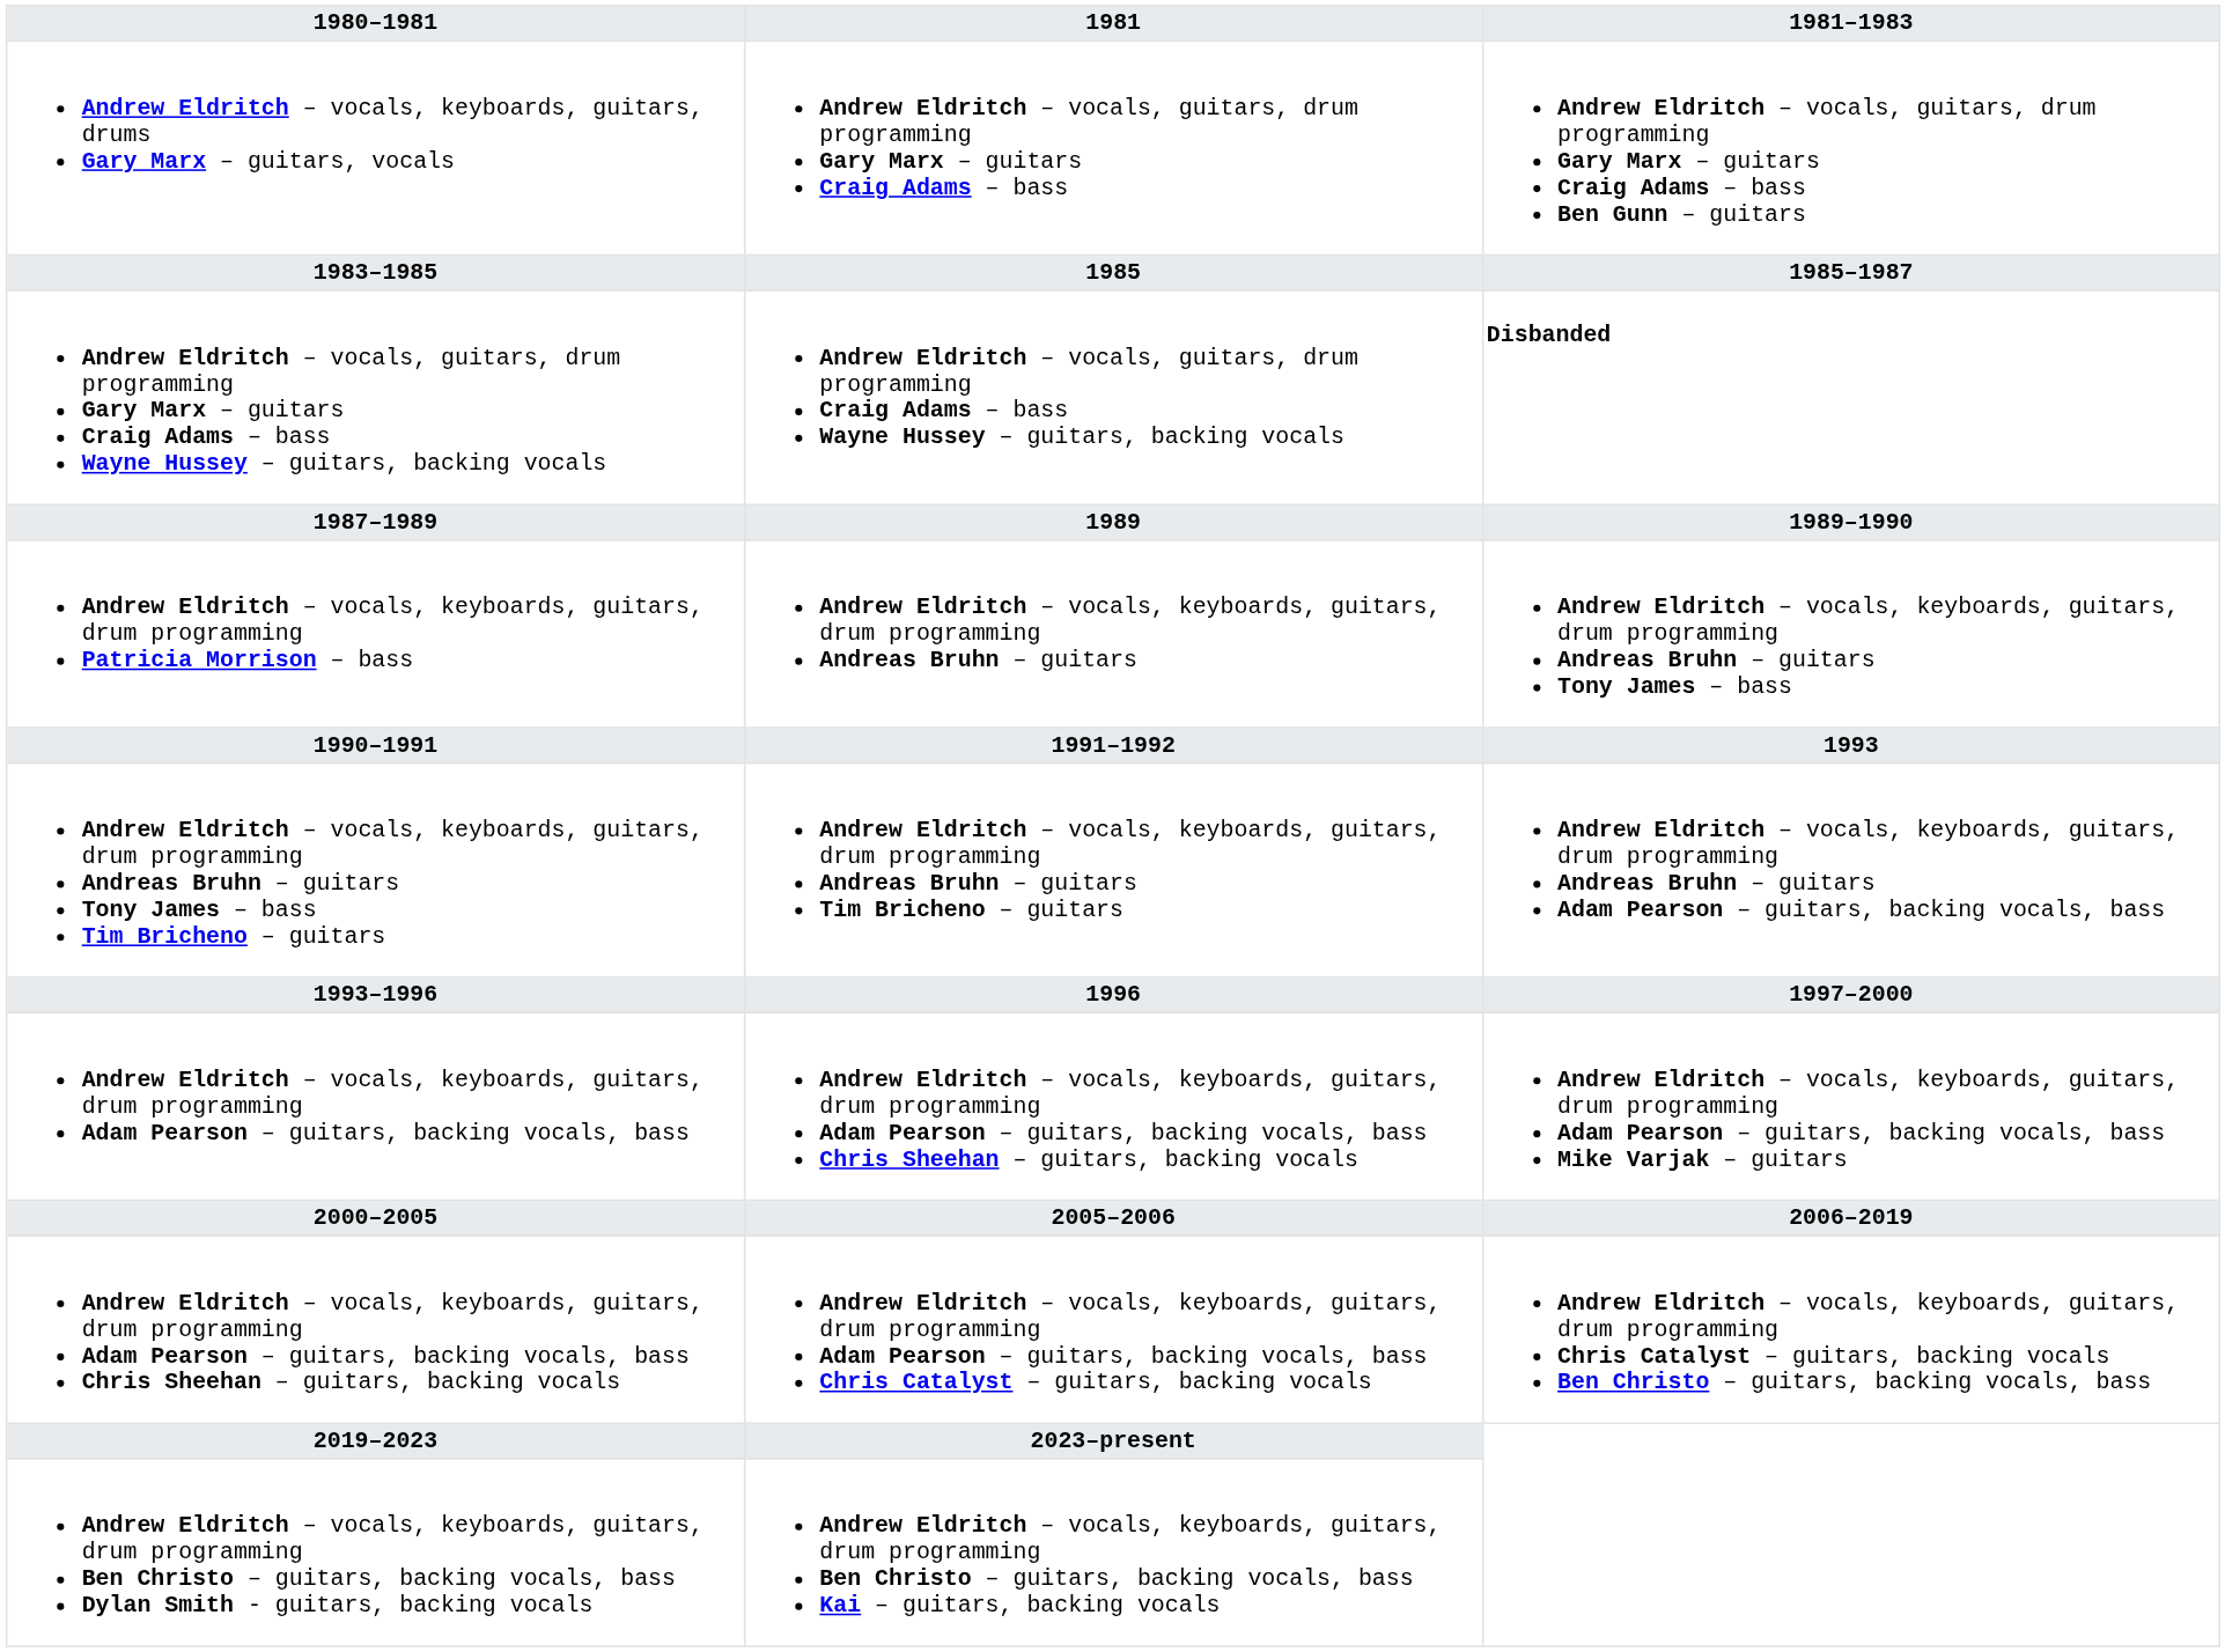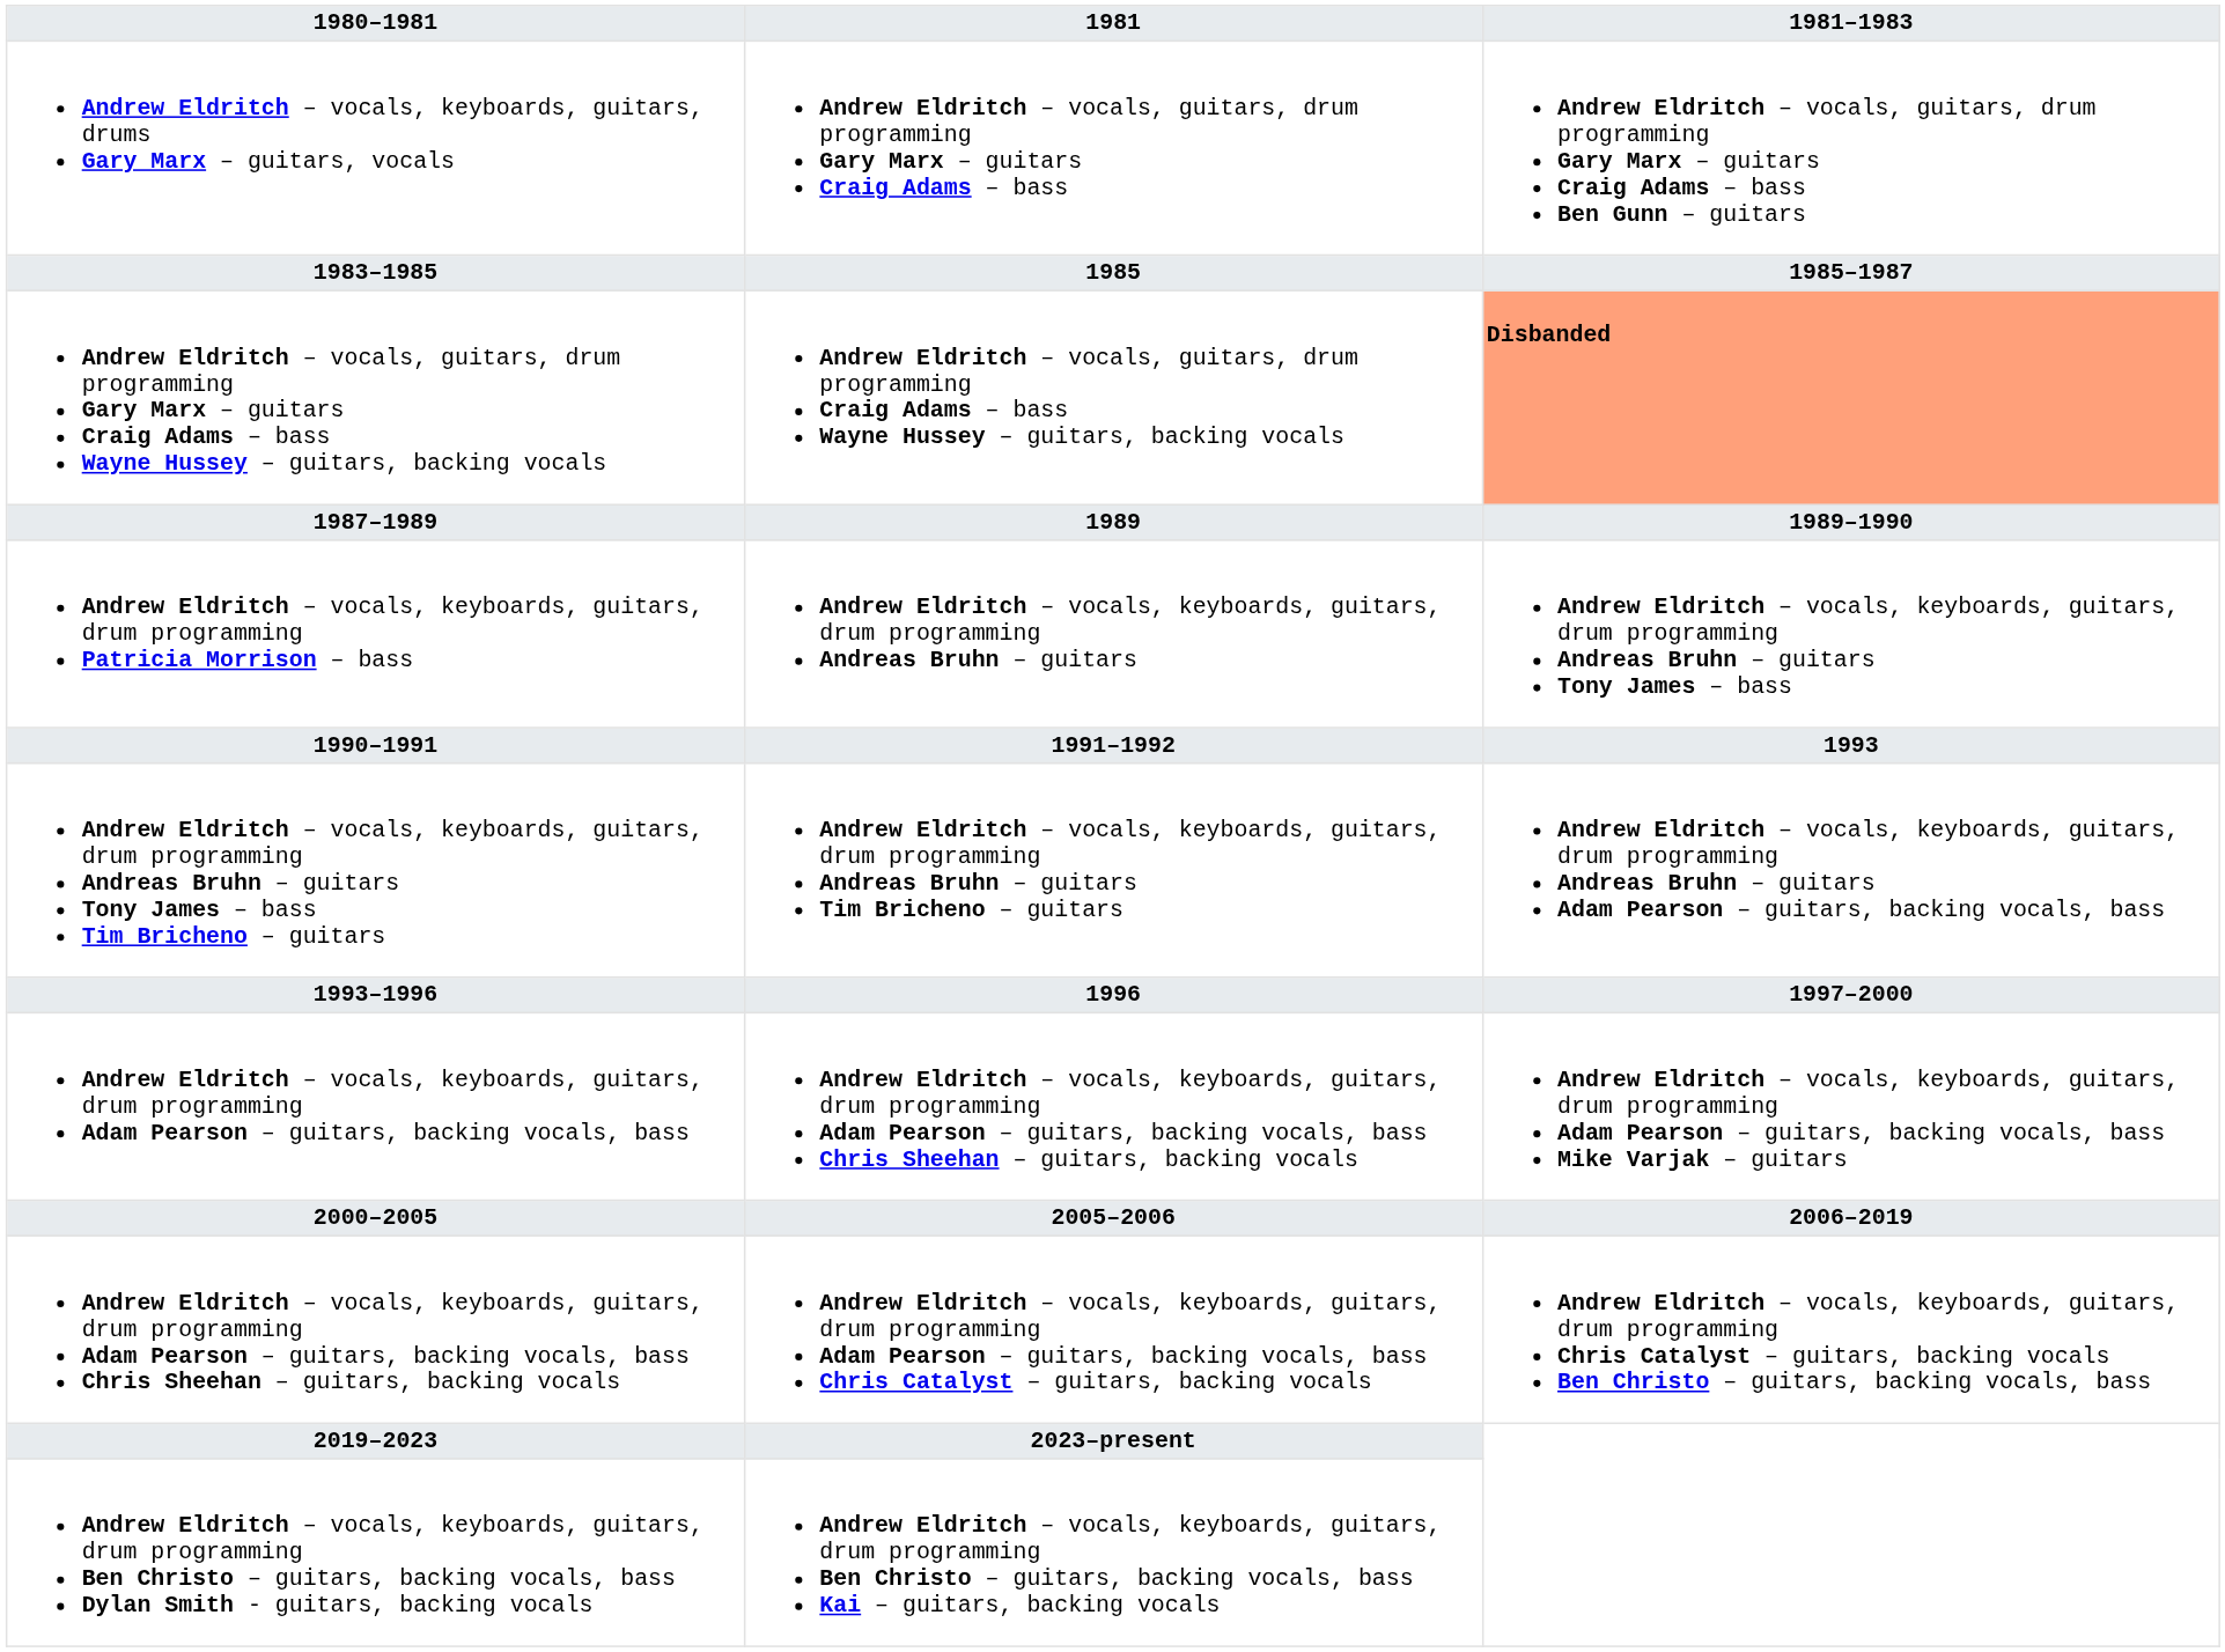 <table class="toccolours" border=1 cellpadding=2 cellspacing=0 style="float: width: 375px; margin: 0 0 1em 1em; border-collapse: collapse; border: 1px solid #E2E2E2;" width=99%>
 <tr>
 <th width="25%" valign="top" bgcolor="#e7ebee">1980–1981</th>
 <th width="25%" valign="top" bgcolor="#e7ebee">1981</th>
 <th width="25%" valign="top" bgcolor="#e7ebee">1981–1983</th>
 </tr>
 <tr>
 <td valign=top><br><ul><li><strong><a href='#'>Andrew Eldritch</a></strong> – vocals, keyboards, guitars, drums</li><li><strong><a href='#'>Gary Marx</a></strong> – guitars, vocals</li></ul></td>
 <td valign=top><br><ul><li><strong>Andrew Eldritch</strong> – vocals, guitars, drum programming</li><li><strong>Gary Marx</strong> – guitars</li><li><strong><a href='#'>Craig Adams</a></strong> – bass</li></ul></td>
 <td valign=top><br><ul><li><strong>Andrew Eldritch</strong> – vocals, guitars, drum programming</li><li><strong>Gary Marx</strong> – guitars</li><li><strong>Craig Adams</strong> – bass</li><li><strong>Ben Gunn</strong> – guitars</li></ul></td>
 </tr>
 <tr>
 <th width="25%" valign="top" bgcolor="#e7ebee">1983–1985</th>
 <th width="25%" valign="top" bgcolor="#e7ebee">1985</th>
 <th width="25%" valign="top" bgcolor="#e7ebee">1985–1987</th>
 </tr>
 <tr>
 <td valign=top><br><ul><li><strong>Andrew Eldritch</strong> – vocals, guitars, drum programming</li><li><strong>Gary Marx</strong> – guitars</li><li><strong>Craig Adams</strong> – bass</li><li><strong><a href='#'>Wayne Hussey</a></strong> – guitars, backing vocals</li></ul></td>
 <td valign=top><br><ul><li><strong>Andrew Eldritch</strong> – vocals, guitars, drum programming</li><li><strong>Craig Adams</strong> – bass</li><li><strong>Wayne Hussey</strong> – guitars, backing vocals</li></ul></td>
-<td valign=top><br><strong>Disbanded</strong></td>
+<td valign=top style="background: lightsalmon;"><br><strong>Disbanded</strong></td>
 </tr>
 <tr>
 <th width="25%" valign="top" bgcolor="#e7ebee">1987–1989</th>
 <th width="25%" valign="top" bgcolor="#e7ebee">1989</th>
 <th width="25%" valign="top" bgcolor="#e7ebee">1989–1990</th>
 </tr>
 <tr>
 <td valign=top><br><ul><li><strong>Andrew Eldritch</strong> – vocals, keyboards, guitars, drum programming</li><li><strong><a href='#'>Patricia Morrison</a></strong> – bass</li></ul></td>
 <td valign=top><br><ul><li><strong>Andrew Eldritch</strong> – vocals, keyboards, guitars, drum programming</li><li><strong>Andreas Bruhn</strong> – guitars</li></ul></td>
 <td valign=top><br><ul><li><strong>Andrew Eldritch</strong> – vocals, keyboards, guitars, drum programming</li><li><strong>Andreas Bruhn</strong> – guitars</li><li><strong>Tony James</strong> – bass</li></ul></td>
 </tr>
 <tr>
 <th width="25%" valign="top" bgcolor="#e7ebee">1990–1991</th>
 <th width="25%" valign="top" bgcolor="#e7ebee">1991–1992</th>
 <th width="25%" valign="top" bgcolor="#e7ebee">1993</th>
 </tr>
 <tr>
 <td valign=top><br><ul><li><strong>Andrew Eldritch</strong> – vocals, keyboards, guitars, drum programming</li><li><strong>Andreas Bruhn</strong> – guitars</li><li><strong>Tony James</strong> – bass</li><li><strong><a href='#'>Tim Bricheno</a></strong> – guitars</li></ul></td>
 <td valign=top><br><ul><li><strong>Andrew Eldritch</strong> – vocals, keyboards, guitars, drum programming</li><li><strong>Andreas Bruhn</strong> – guitars</li><li><strong>Tim Bricheno</strong> – guitars</li></ul></td>
 <td valign=top><br><ul><li><strong>Andrew Eldritch</strong> – vocals, keyboards, guitars, drum programming</li><li><strong>Andreas Bruhn</strong> – guitars</li><li><strong>Adam Pearson</strong> – guitars, backing vocals, bass</li></ul></td>
 </tr>
 <tr>
 <th width="25%" valign="top" bgcolor="#e7ebee">1993–1996</th>
 <th width="25%" valign="top" bgcolor="#e7ebee">1996</th>
 <th width="25%" valign="top" bgcolor="#e7ebee">1997–2000</th>
 </tr>
 <tr>
 <td valign=top><br><ul><li><strong>Andrew Eldritch</strong> – vocals, keyboards, guitars, drum programming</li><li><strong>Adam Pearson</strong> – guitars, backing vocals, bass</li></ul></td>
 <td valign=top><br><ul><li><strong>Andrew Eldritch</strong> – vocals, keyboards, guitars, drum programming</li><li><strong>Adam Pearson</strong> – guitars, backing vocals, bass</li><li><strong><a href='#'>Chris Sheehan</a></strong> – guitars, backing vocals</li></ul></td>
 <td valign=top><br><ul><li><strong>Andrew Eldritch</strong> – vocals, keyboards, guitars, drum programming</li><li><strong>Adam Pearson</strong> – guitars, backing vocals, bass</li><li><strong>Mike Varjak</strong> – guitars</li></ul></td>
 </tr>
 <tr>
 <th width="25%" valign="top" bgcolor="#e7ebee">2000–2005</th>
 <th width="25%" valign="top" bgcolor="#e7ebee">2005–2006</th>
 <th width="25%" valign="top" bgcolor="#e7ebee">2006–2019</th>
 </tr>
 <tr>
 <td valign=top><br><ul><li><strong>Andrew Eldritch</strong> – vocals, keyboards, guitars, drum programming</li><li><strong>Adam Pearson</strong> – guitars, backing vocals, bass</li><li><strong>Chris Sheehan</strong> – guitars, backing vocals</li></ul></td>
 <td valign=top><br><ul><li><strong>Andrew Eldritch</strong> – vocals, keyboards, guitars, drum programming</li><li><strong>Adam Pearson</strong> – guitars, backing vocals, bass</li><li><strong><a href='#'>Chris Catalyst</a></strong> – guitars, backing vocals</li></ul></td>
 <td valign=top><br><ul><li><strong>Andrew Eldritch</strong> – vocals, keyboards, guitars, drum programming</li><li><strong>Chris Catalyst</strong> – guitars, backing vocals</li><li><strong><a href='#'>Ben Christo</a></strong> – guitars, backing vocals, bass</li></ul></td>
 </tr>
 <tr>
 <th width="25%" valign="top" bgcolor="#e7ebee">2019–2023</th>
 <th width="25%" valign="top" bgcolor="#e7ebee">2023–present</th>
 </tr>
 <tr>
 <td valign=top><br><ul><li><strong>Andrew Eldritch</strong> – vocals, keyboards, guitars, drum programming</li><li><strong>Ben Christo</strong> – guitars, backing vocals, bass</li><li><strong>Dylan Smith</strong> - guitars, backing vocals</li></ul></td>
 <td valign=top><br><ul><li><strong>Andrew Eldritch</strong> – vocals, keyboards, guitars, drum programming</li><li><strong>Ben Christo</strong> – guitars, backing vocals, bass</li><li><strong><a href='#'>Kai</a></strong> – guitars, backing vocals</li></ul></td>
 </tr>
 </table>
